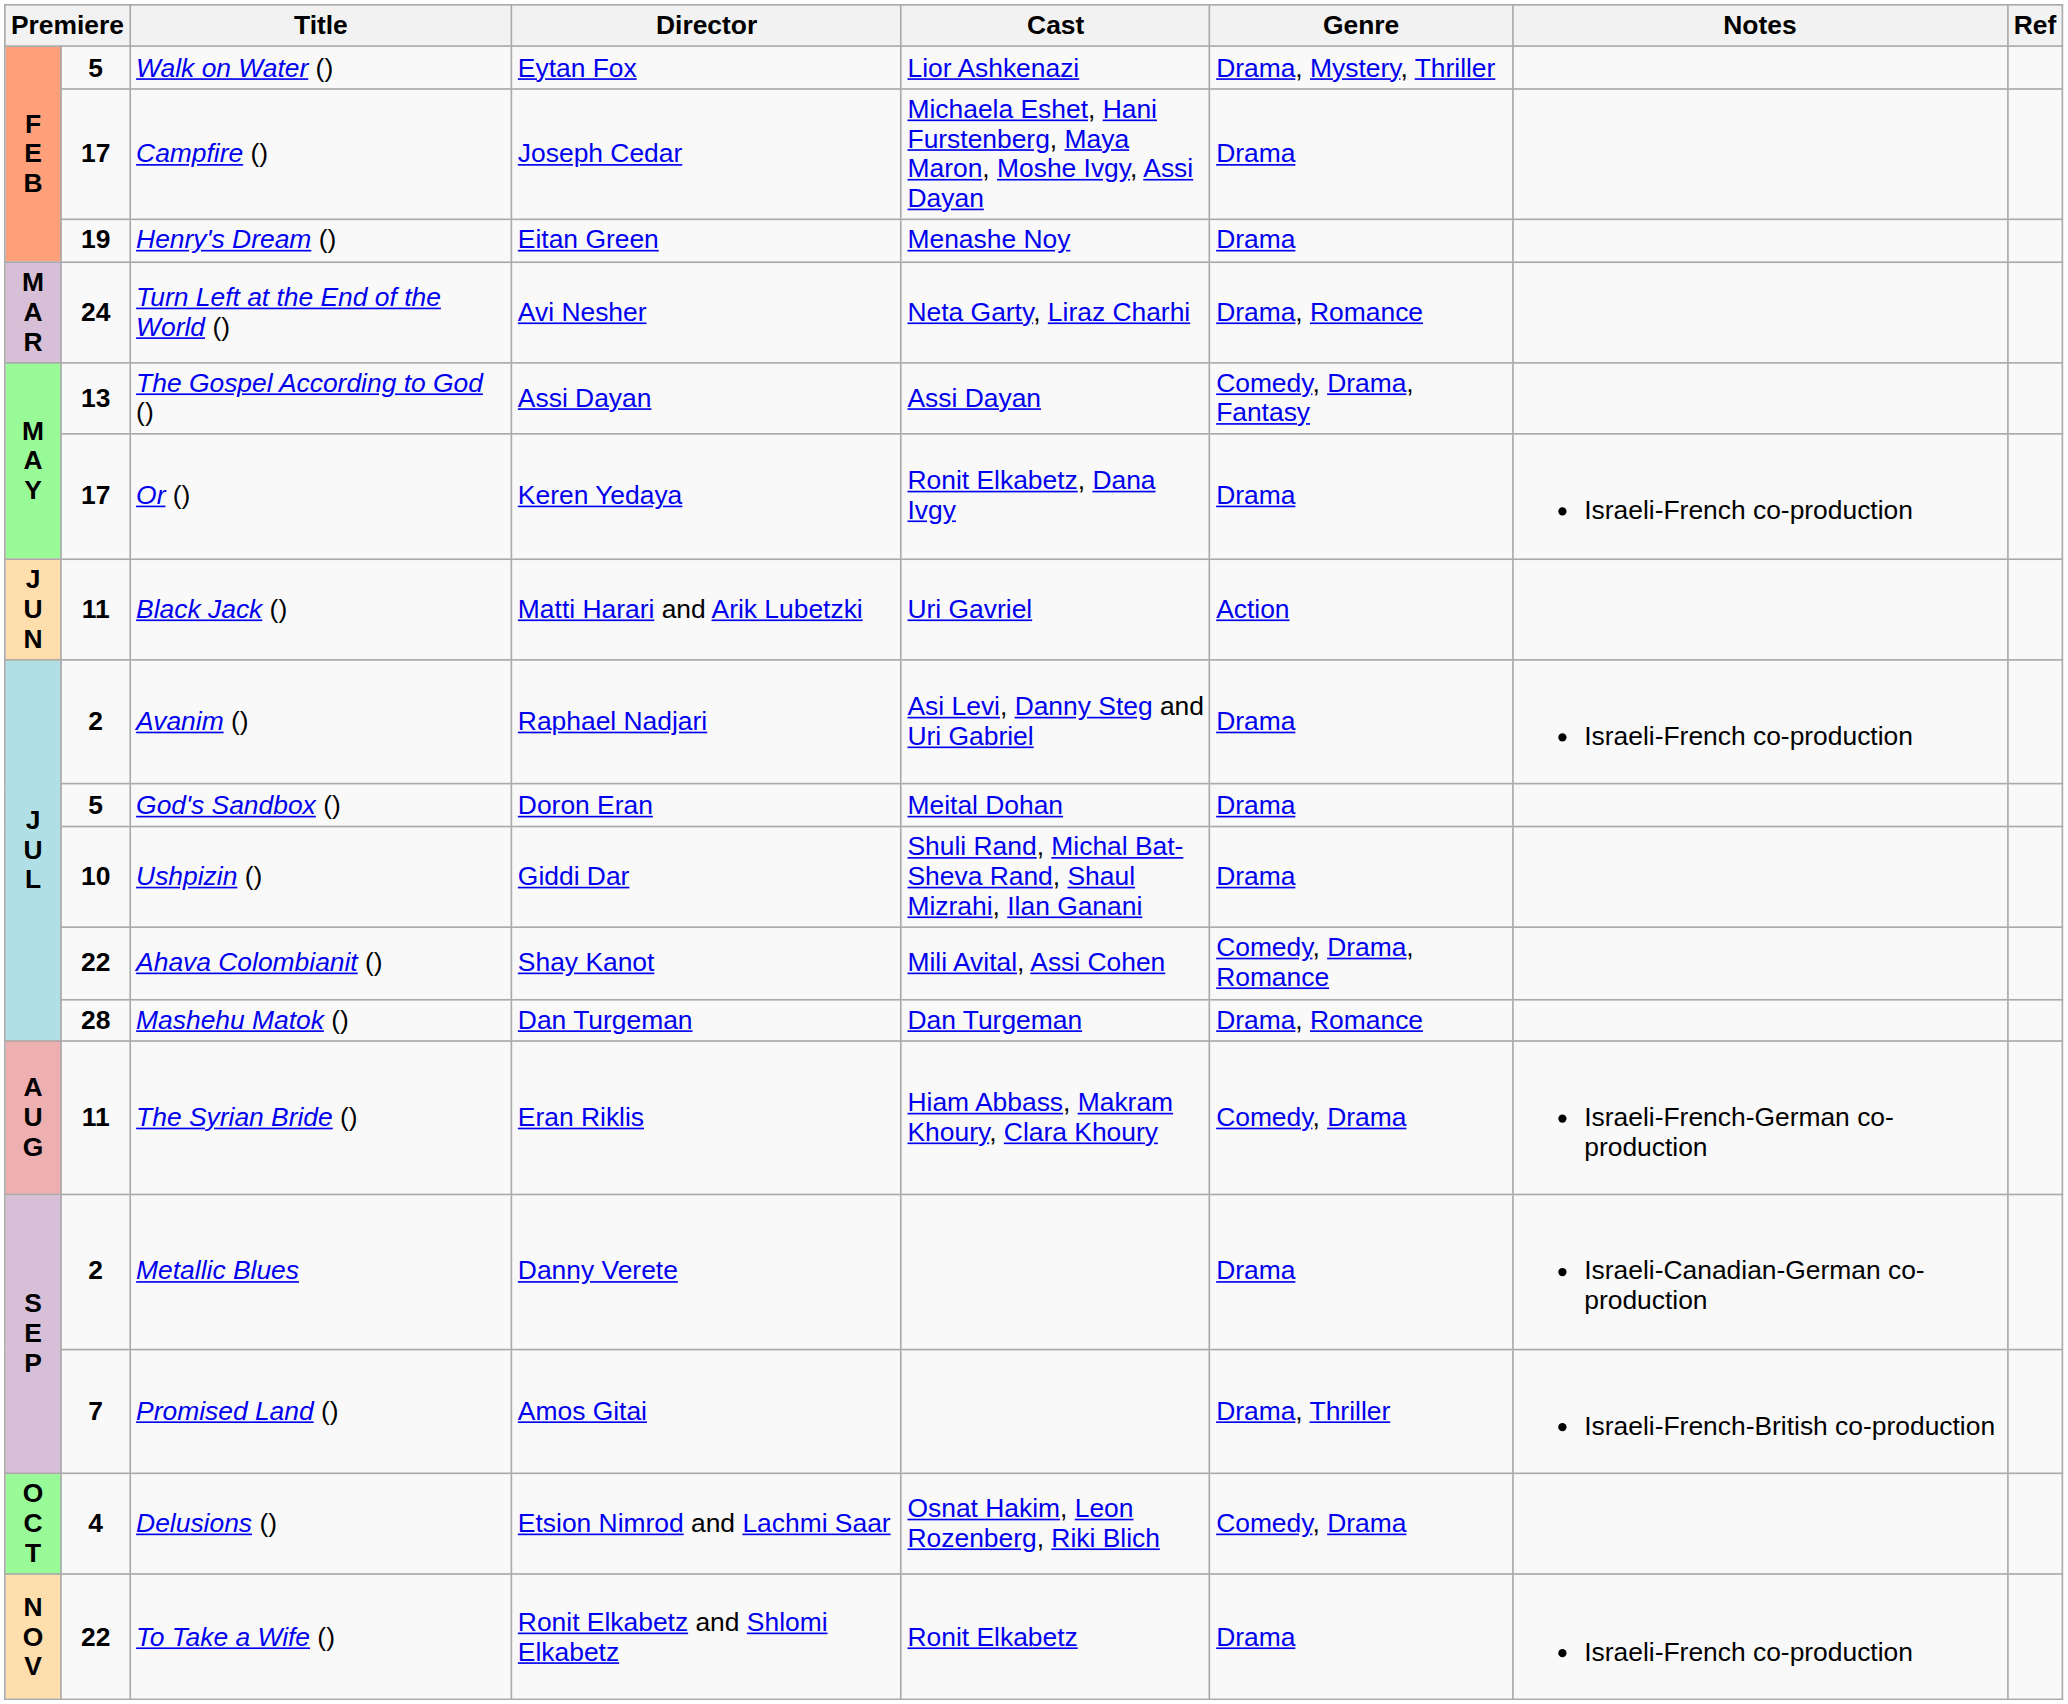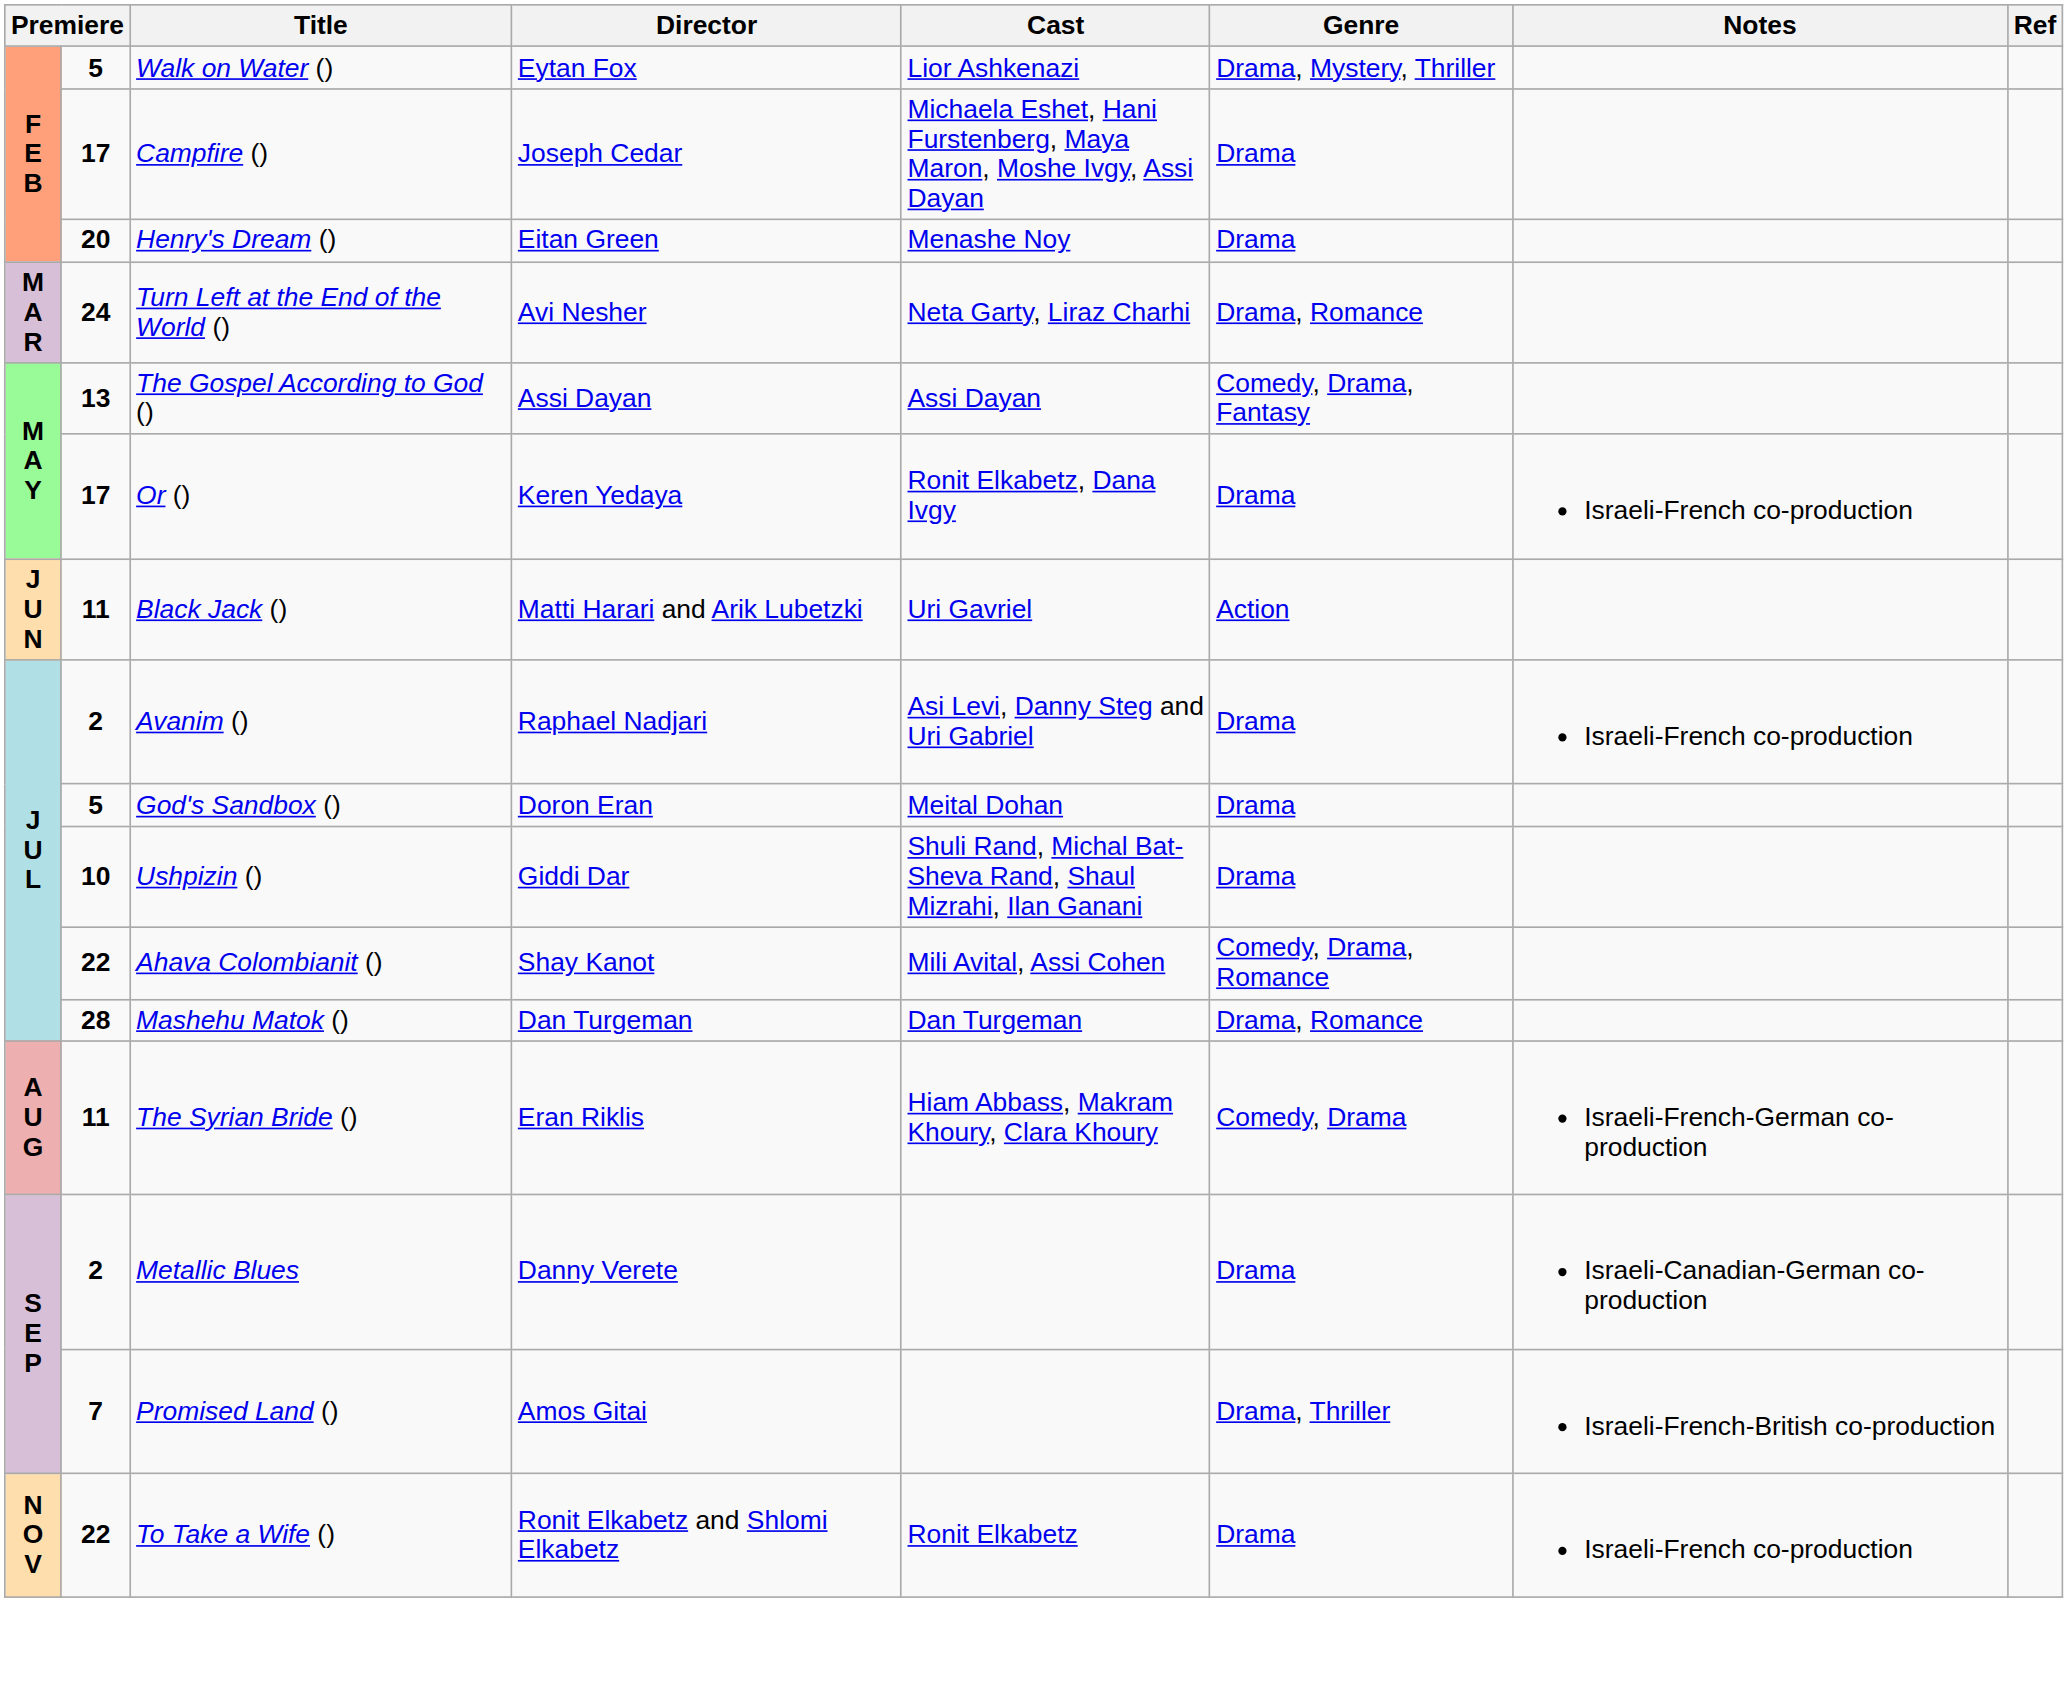 <table class="wikitable">
 <tr>
 <th colspan="2">Premiere</th>
 <th>Title</th>
 <th>Director</th>
 <th width=15%>Cast</th>
 <th>Genre</th>
 <th>Notes</th>
 <th>Ref</th>
 </tr>
 <tr>
 <td rowspan="3" valign="center" align="center" style="background:#FFA07A; textcolor:#000;"><strong>F<br>E<br>B</strong></td>
 <td rowspan="1" align="center"><strong>5</strong></td>
 <td><em><a href='#'>Walk on Water</a></em> ()</td>
 <td><a href='#'>Eytan Fox</a></td>
 <td><a href='#'>Lior Ashkenazi</a></td>
 <td><a href='#'>Drama</a>, <a href='#'>Mystery</a>, <a href='#'>Thriller</a></td>
 <td></td>
 <td></td>
 </tr>
 <tr>
 <td rowspan="1" align="center"><strong>17</strong></td>
 <td><em><a href='#'>Campfire</a></em> ()</td>
 <td><a href='#'>Joseph Cedar</a></td>
 <td><a href='#'>Michaela Eshet</a>, <a href='#'>Hani Furstenberg</a>, <a href='#'>Maya Maron</a>, <a href='#'>Moshe Ivgy</a>, <a href='#'>Assi Dayan</a></td>
 <td><a href='#'>Drama</a></td>
 <td></td>
 <td></td>
 </tr>
 <tr>
-<td rowspan="1" align="center"><strong>19</strong></td>
+<td rowspan="1" align="center"><strong>20</strong></td>
 <td><em><a href='#'>Henry's Dream</a></em> ()</td>
 <td><a href='#'>Eitan Green</a></td>
 <td><a href='#'>Menashe Noy</a></td>
 <td><a href='#'>Drama</a></td>
 <td></td>
 <td></td>
 </tr>
 <tr>
 <td rowspan="1" valign="center" align="center" style="background:#D8BFD8; textcolor:#000;"><strong>M<br>A<br>R</strong></td>
 <td rowspan="1" align="center"><strong>24</strong></td>
 <td><em><a href='#'>Turn Left at the End of the World</a></em> ()</td>
 <td><a href='#'>Avi Nesher</a></td>
 <td><a href='#'>Neta Garty</a>, <a href='#'>Liraz Charhi</a></td>
 <td><a href='#'>Drama</a>, <a href='#'>Romance</a></td>
 <td></td>
 <td></td>
 </tr>
 <tr>
 <td rowspan="2" valign="center" align="center" style="background:#98FB98; textcolor:#000;"><strong>M<br>A<br>Y</strong></td>
 <td rowspan="1" align="center"><strong>13</strong></td>
 <td><em><a href='#'>The Gospel According to God</a></em> ()</td>
 <td><a href='#'>Assi Dayan</a></td>
 <td><a href='#'>Assi Dayan</a></td>
 <td><a href='#'>Comedy</a>, <a href='#'>Drama</a>, <a href='#'>Fantasy</a></td>
 <td></td>
 <td></td>
 </tr>
 <tr>
 <td rowspan="1" align="center"><strong>17</strong></td>
 <td><em><a href='#'>Or</a></em> ()</td>
 <td><a href='#'>Keren Yedaya</a></td>
 <td><a href='#'>Ronit Elkabetz</a>, <a href='#'>Dana Ivgy</a></td>
 <td><a href='#'>Drama</a></td>
 <td><br><ul><li>Israeli-French co-production</li></ul></td>
 <td></td>
 </tr>
 <tr>
 <td rowspan="1" valign="center" align="center" style="background:#FFDEAD; textcolor:#000;"><strong>J<br>U<br>N</strong></td>
 <td rowspan="1" align="center"><strong>11</strong></td>
 <td><em><a href='#'>Black Jack</a></em> ()</td>
 <td><a href='#'>Matti Harari</a> and <a href='#'>Arik Lubetzki</a></td>
 <td><a href='#'>Uri Gavriel</a></td>
 <td><a href='#'>Action</a></td>
 <td></td>
 <td></td>
 </tr>
 <tr>
 <td rowspan="5" valign="center" align="center" style="background:#B0E0E6; textcolor:#000;"><strong>J<br>U<br>L</strong></td>
 <td rowspan="1" align="center"><strong>2</strong></td>
 <td><em><a href='#'>Avanim</a></em> ()</td>
 <td><a href='#'>Raphael Nadjari</a></td>
 <td><a href='#'>Asi Levi</a>, <a href='#'>Danny Steg</a> and <a href='#'>Uri Gabriel</a></td>
 <td><a href='#'>Drama</a></td>
 <td><br><ul><li>Israeli-French co-production</li></ul></td>
 <td></td>
 </tr>
 <tr>
 <td rowspan="1" align="center"><strong>5</strong></td>
 <td><em><a href='#'>God's Sandbox</a></em> ()</td>
 <td><a href='#'>Doron Eran</a></td>
 <td><a href='#'>Meital Dohan</a></td>
 <td><a href='#'>Drama</a></td>
 <td></td>
 <td></td>
 </tr>
 <tr>
 <td rowspan="1" align="center"><strong>10</strong></td>
 <td><em><a href='#'>Ushpizin</a></em> ()</td>
 <td><a href='#'>Giddi Dar</a></td>
 <td><a href='#'>Shuli Rand</a>, <a href='#'>Michal Bat-Sheva Rand</a>, <a href='#'>Shaul Mizrahi</a>, <a href='#'>Ilan Ganani</a></td>
 <td><a href='#'>Drama</a></td>
 <td></td>
 <td></td>
 </tr>
 <tr>
 <td rowspan="1" align="center"><strong>22</strong></td>
 <td><em><a href='#'>Ahava Colombianit</a></em> ()</td>
 <td><a href='#'>Shay Kanot</a></td>
 <td><a href='#'>Mili Avital</a>, <a href='#'>Assi Cohen</a></td>
 <td><a href='#'>Comedy</a>, <a href='#'>Drama</a>, <a href='#'>Romance</a></td>
 <td></td>
 <td></td>
 </tr>
 <tr>
 <td rowspan="1" align="center"><strong>28</strong></td>
 <td><em><a href='#'>Mashehu Matok</a></em> ()</td>
 <td><a href='#'>Dan Turgeman</a></td>
 <td><a href='#'>Dan Turgeman</a></td>
 <td><a href='#'>Drama</a>, <a href='#'>Romance</a></td>
 <td></td>
 <td></td>
 </tr>
 <tr>
 <td rowspan="1" valign="center" align="center" style="background:#edafaf; textcolor:#000;"><strong>A<br>U<br>G</strong></td>
 <td rowspan="1" align="center"><strong>11</strong></td>
 <td><em><a href='#'>The Syrian Bride</a></em> ()</td>
 <td><a href='#'>Eran Riklis</a></td>
 <td><a href='#'>Hiam Abbass</a>, <a href='#'>Makram Khoury</a>, <a href='#'>Clara Khoury</a></td>
 <td><a href='#'>Comedy</a>, <a href='#'>Drama</a></td>
 <td><br><ul><li>Israeli-French-German co-production</li></ul></td>
 <td></td>
 </tr>
 <tr>
 <td rowspan="2" valign="center" align="center" style="background:#D8BFD8; textcolor:#000;"><strong>S<br>E<br>P</strong></td>
 <td rowspan="1" align="center"><strong>2</strong></td>
 <td><em><a href='#'>Metallic Blues</a></em></td>
 <td><a href='#'>Danny Verete</a></td>
 <td></td>
 <td><a href='#'>Drama</a></td>
 <td><br><ul><li>Israeli-Canadian-German co-production</li></ul></td>
 <td></td>
 </tr>
 <tr>
 <td rowspan="1" align="center"><strong>7</strong></td>
 <td><em><a href='#'>Promised Land</a></em> ()</td>
 <td><a href='#'>Amos Gitai</a></td>
 <td></td>
 <td><a href='#'>Drama</a>, <a href='#'>Thriller</a></td>
 <td><br><ul><li>Israeli-French-British co-production</li></ul></td>
 <td></td>
 </tr>
 <tr>
-<td rowspan="1" valign="center" align="center" style="background:#98FB98; textcolor:#000;"><strong>O<br>C<br>T</strong></td>
-<td rowspan="1" align="center"><strong>4</strong></td>
-<td><em><a href='#'>Delusions</a></em> ()</td>
-<td><a href='#'>Etsion Nimrod</a> and <a href='#'>Lachmi Saar</a></td>
-<td><a href='#'>Osnat Hakim</a>, <a href='#'>Leon Rozenberg</a>, <a href='#'>Riki Blich</a></td>
-<td><a href='#'>Comedy</a>, <a href='#'>Drama</a></td>
-<td></td>
-<td></td>
-</tr>
-<tr>
 <td rowspan="1" valign="center" align="center" style="background:#FFDEAD; textcolor:#000;"><strong>N<br>O<br>V</strong></td>
 <td rowspan="1" align="center"><strong>22</strong></td>
 <td><em><a href='#'>To Take a Wife</a></em> ()</td>
 <td><a href='#'>Ronit Elkabetz</a> and <a href='#'>Shlomi Elkabetz</a></td>
 <td><a href='#'>Ronit Elkabetz</a></td>
 <td><a href='#'>Drama</a></td>
 <td><br><ul><li>Israeli-French co-production</li></ul></td>
 <td></td>
 </tr>
 </table>
